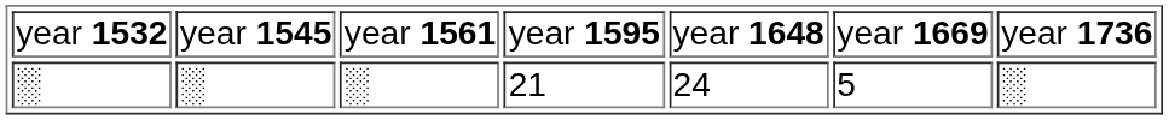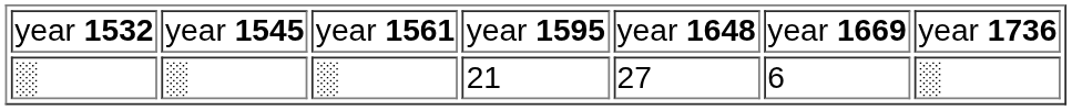 <table border=1 align=center>
 <tr>
 <td>year <strong>1532</strong></td>
 <td>year <strong>1545</strong></td>
 <td>year <strong>1561</strong></td>
 <td>year <strong>1595</strong></td>
 <td>year <strong>1648</strong></td>
 <td>year <strong>1669</strong></td>
 <td>year <strong>1736</strong></td>
 </tr>
 <tr>
 <td>░</td>
 <td>░</td>
 <td>░</td>
 <td>21</td>
-<td>24</td>
-<td>5</td>
+<td>27</td>
+<td>6</td>
 <td>░</td>
 </tr>
 </table>
